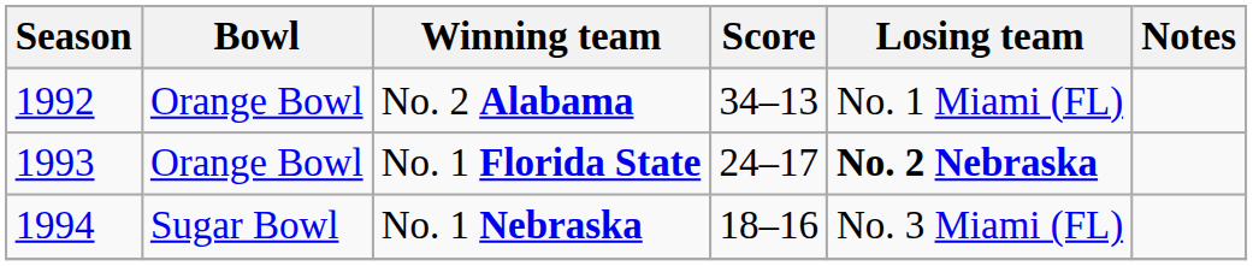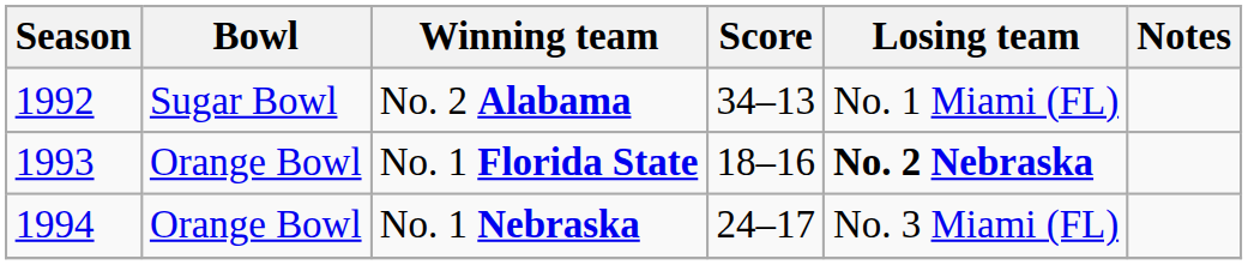 <table class="wikitable sortable">
 <tr>
 <th width=px>Season</th>
 <th width=px>Bowl</th>
 <th width=px>Winning team</th>
 <th width=px>Score</th>
 <th width=px>Losing team</th>
 <th width=px>Notes</th>
 </tr>
 <tr>
 <td><a href='#'>1992</a></td>
-<td><a href='#'>Orange Bowl</a></td>
+<td><a href='#'>Sugar Bowl</a></td>
 <td>No. 2 <strong><a href='#'>Alabama</a></strong></td>
 <td>34–13</td>
 <td>No. 1 <a href='#'>Miami (FL)</a></td>
 <td></td>
 </tr>
 <tr>
 <td><a href='#'>1993</a></td>
 <td><a href='#'>Orange Bowl</a></td>
 <td>No. 1 <strong><a href='#'>Florida State</a></strong></td>
-<td>24–17</td>
+<td>18–16</td>
 <td><strong>No. 2 <a href='#'>Nebraska</a></strong></td>
 <td></td>
 </tr>
 <tr>
 <td><a href='#'>1994</a></td>
-<td><a href='#'>Sugar Bowl</a></td>
+<td><a href='#'>Orange Bowl</a></td>
 <td>No. 1 <strong><a href='#'>Nebraska</a></strong></td>
-<td>18–16</td>
+<td>24–17</td>
 <td>No. 3 <a href='#'>Miami (FL)</a></td>
 <td></td>
 </tr>
 <tr>
 </tr>
 </table>
